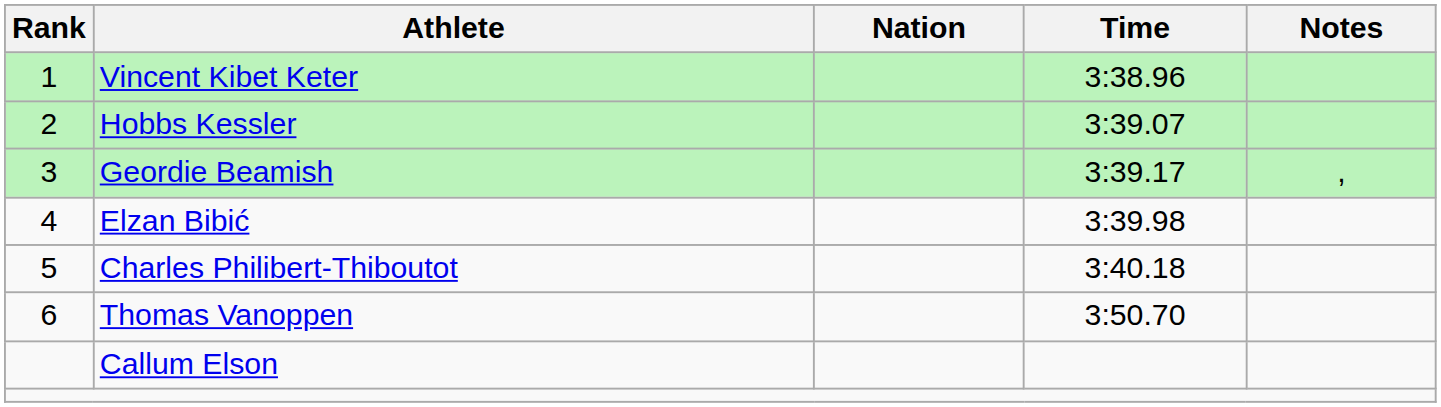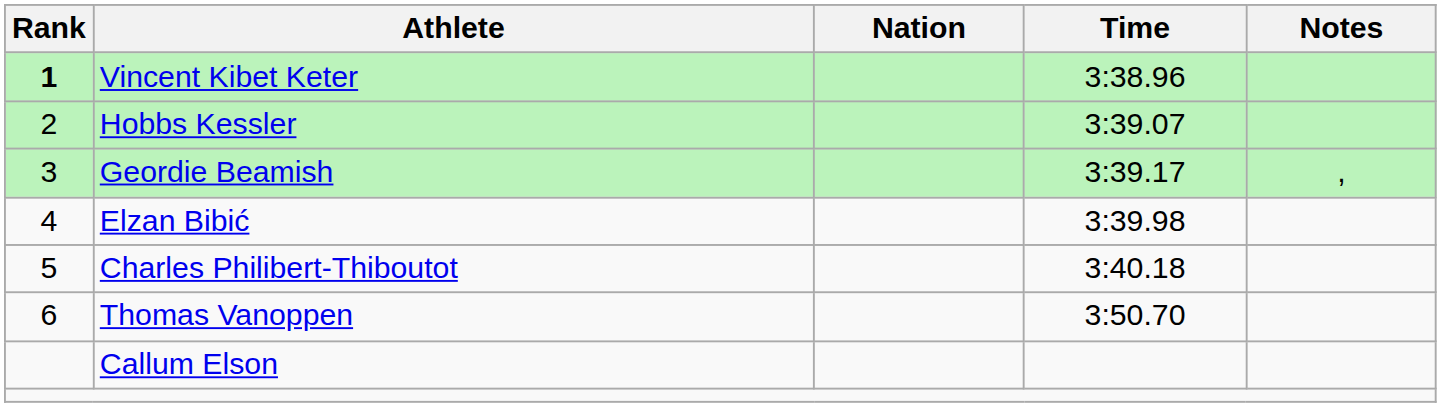 <table class="wikitable sortable" style="text-align:center;width: 60%;">
 <tr>
 <th scope="col" style="width: 10px;">Rank</th>
 <th scope="col">Athlete</th>
 <th scope="col">Nation</th>
 <th scope="col">Time</th>
 <th scope="col">Notes</th>
 </tr>
 <tr bgcolor=bbf3bb>
-<td>1</td>
+<td><strong>1</strong></td>
 <td align=left><a href='#'>Vincent Kibet Keter</a></td>
 <td align=left></td>
 <td>3:38.96</td>
 <td></td>
 </tr>
 <tr bgcolor=bbf3bb>
 <td>2</td>
 <td align=left><a href='#'>Hobbs Kessler</a></td>
 <td align=left></td>
 <td>3:39.07</td>
 <td></td>
 </tr>
 <tr bgcolor=bbf3bb>
 <td>3</td>
 <td align=left><a href='#'>Geordie Beamish</a></td>
 <td align=left></td>
 <td>3:39.17</td>
 <td>, </td>
 </tr>
 <tr>
 <td>4</td>
 <td align=left><a href='#'>Elzan Bibić</a></td>
 <td align=left></td>
 <td>3:39.98</td>
 <td></td>
 </tr>
 <tr>
 <td>5</td>
 <td align=left><a href='#'>Charles Philibert-Thiboutot</a></td>
 <td align=left></td>
 <td>3:40.18</td>
 <td></td>
 </tr>
 <tr>
 <td>6</td>
 <td align=left><a href='#'>Thomas Vanoppen</a></td>
 <td align=left></td>
 <td>3:50.70</td>
 <td></td>
 </tr>
 <tr>
 <td></td>
 <td align=left><a href='#'>Callum Elson</a></td>
 <td align=left></td>
 <td></td>
 <td></td>
 </tr>
 <tr class="sortbottom">
 <td colspan="5"></td>
 </tr>
 </table>
